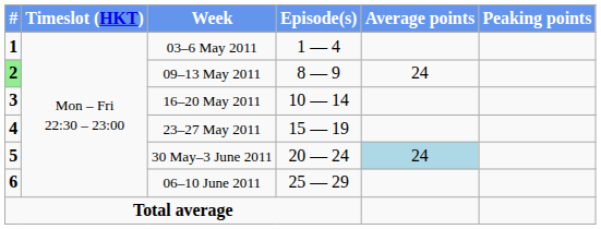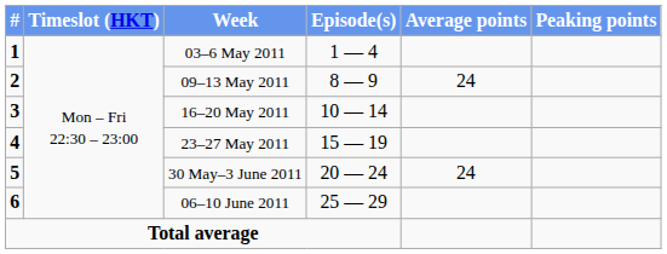 <table class="wikitable collapsible collapsed" style="text-align:center;">
 <tr style="background:cornflowerblue; color:white" align="center">
 </tr>
 <tr>
 <th style="background:cornflowerblue; color:white" align="center">#</th>
 <th style="background:cornflowerblue; color:white" align="center">Timeslot (<a href='#'>HKT</a>)</th>
 <th style="background:cornflowerblue; color:white" align="center">Week</th>
 <th style="background:cornflowerblue; color:white" align="center">Episode(s)</th>
 <th style="background:cornflowerblue; color:white" align="center">Average points</th>
 <th style="background:cornflowerblue; color:white" align="center">Peaking points</th>
 </tr>
 <tr>
 <td><strong>1</strong></td>
 <td rowspan="6"><small>Mon – Fri <br>22:30 – 23:00</small></td>
 <td><small>03–6 May 2011</small></td>
 <td>1 — 4</td>
 <td></td>
 <td></td>
 </tr>
 <tr>
-<td style="background: lightgreen;"><strong>2</strong></td>
+<td><strong>2</strong></td>
 <td><small>09–13 May 2011</small></td>
 <td>8 — 9</td>
 <td>24</td>
 <td></td>
 </tr>
 <tr>
 <td><strong>3</strong></td>
 <td><small>16–20 May 2011</small></td>
 <td>10 — 14</td>
 <td></td>
 <td></td>
 </tr>
 <tr>
 <td><strong>4</strong></td>
 <td><small>23–27 May 2011</small></td>
 <td>15 — 19</td>
 <td></td>
 <td></td>
 </tr>
 <tr>
 <td><strong>5</strong></td>
 <td><small>30 May–3 June 2011</small></td>
 <td>20 — 24</td>
-<td style="background: lightblue;">24</td>
+<td>24</td>
 <td></td>
 </tr>
 <tr>
 <td><strong>6</strong></td>
 <td><small>06–10 June 2011</small></td>
 <td>25 — 29</td>
 <td></td>
 <td></td>
 </tr>
 <tr>
 <td colspan="4"><strong>Total average</strong></td>
 <td></td>
 <td></td>
 </tr>
 </table>
